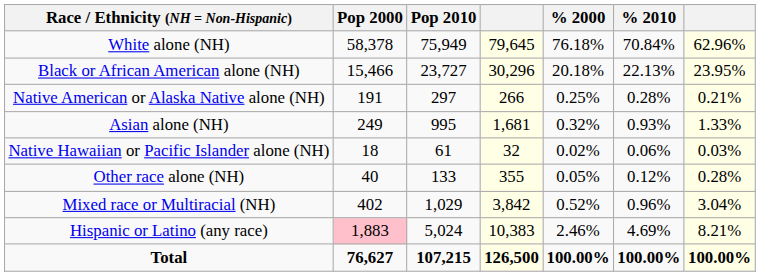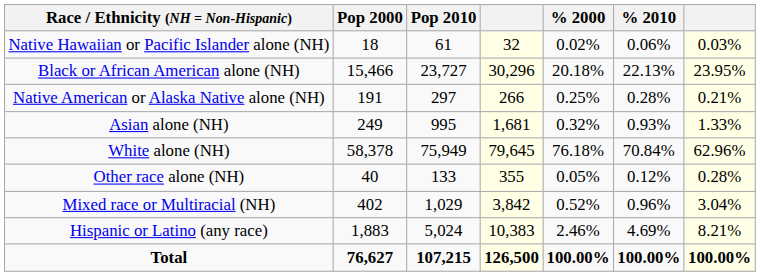 <table class="wikitable" style="text-align:center;">
 <tr>
 <th>Race / Ethnicity <small>(<em>NH = Non-Hispanic</em>)</small></th>
 <th>Pop 2000</th>
 <th>Pop 2010</th>
 <th></th>
 <th>% 2000</th>
 <th>% 2010</th>
 <th></th>
 </tr>
 <tr>
-<td><a href='#'>White</a> alone (NH)</td>
-<td>58,378</td>
-<td>75,949</td>
-<td style='background: #ffffe6;'>79,645</td>
-<td>76.18%</td>
-<td>70.84%</td>
-<td style='background: #ffffe6;'>62.96%</td>
+<td><a href='#'>Native Hawaiian</a> or <a href='#'>Pacific Islander</a> alone (NH)</td>
+<td>18</td>
+<td>61</td>
+<td style='background: #ffffe6;'>32</td>
+<td>0.02%</td>
+<td>0.06%</td>
+<td style='background: #ffffe6;'>0.03%</td>
 </tr>
 <tr>
 <td><a href='#'>Black or African American</a> alone (NH)</td>
 <td>15,466</td>
 <td>23,727</td>
 <td style='background: #ffffe6;'>30,296</td>
 <td>20.18%</td>
 <td>22.13%</td>
 <td style='background: #ffffe6;'>23.95%</td>
 </tr>
 <tr>
 <td><a href='#'>Native American</a> or <a href='#'>Alaska Native</a> alone (NH)</td>
 <td>191</td>
 <td>297</td>
 <td style='background: #ffffe6;'>266</td>
 <td>0.25%</td>
 <td>0.28%</td>
 <td style='background: #ffffe6;'>0.21%</td>
 </tr>
 <tr>
 <td><a href='#'>Asian</a> alone (NH)</td>
 <td>249</td>
 <td>995</td>
 <td style='background: #ffffe6;'>1,681</td>
 <td>0.32%</td>
 <td>0.93%</td>
 <td style='background: #ffffe6;'>1.33%</td>
 </tr>
 <tr>
-<td><a href='#'>Native Hawaiian</a> or <a href='#'>Pacific Islander</a> alone (NH)</td>
-<td>18</td>
-<td>61</td>
-<td style='background: #ffffe6;'>32</td>
-<td>0.02%</td>
-<td>0.06%</td>
-<td style='background: #ffffe6;'>0.03%</td>
+<td><a href='#'>White</a> alone (NH)</td>
+<td>58,378</td>
+<td>75,949</td>
+<td style='background: #ffffe6;'>79,645</td>
+<td>76.18%</td>
+<td>70.84%</td>
+<td style='background: #ffffe6;'>62.96%</td>
 </tr>
 <tr>
 <td><a href='#'>Other race</a> alone (NH)</td>
 <td>40</td>
 <td>133</td>
 <td style='background: #ffffe6;'>355</td>
 <td>0.05%</td>
 <td>0.12%</td>
 <td style='background: #ffffe6;'>0.28%</td>
 </tr>
 <tr>
 <td><a href='#'>Mixed race or Multiracial</a> (NH)</td>
 <td>402</td>
 <td>1,029</td>
 <td style='background: #ffffe6;'>3,842</td>
 <td>0.52%</td>
 <td>0.96%</td>
 <td style='background: #ffffe6;'>3.04%</td>
 </tr>
 <tr>
 <td><a href='#'>Hispanic or Latino</a> (any race)</td>
-<td style="background: pink;">1,883</td>
+<td>1,883</td>
 <td>5,024</td>
 <td style='background: #ffffe6;'>10,383</td>
 <td>2.46%</td>
 <td>4.69%</td>
 <td style='background: #ffffe6;'>8.21%</td>
 </tr>
 <tr>
 <td><strong>Total</strong></td>
 <td><strong>76,627</strong></td>
 <td><strong>107,215</strong></td>
 <td style='background: #ffffe6;'><strong>126,500</strong></td>
 <td><strong>100.00%</strong></td>
 <td><strong>100.00%</strong></td>
 <td style='background: #ffffe6;'><strong>100.00%</strong></td>
 </tr>
 </table>
